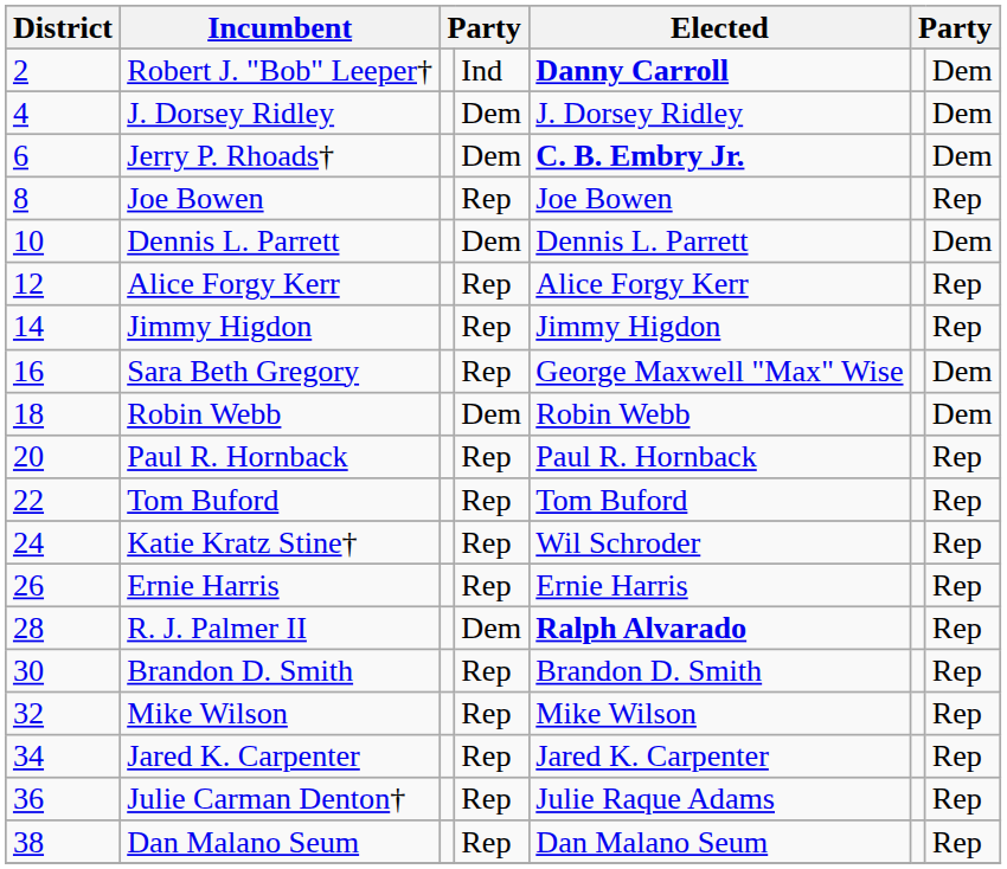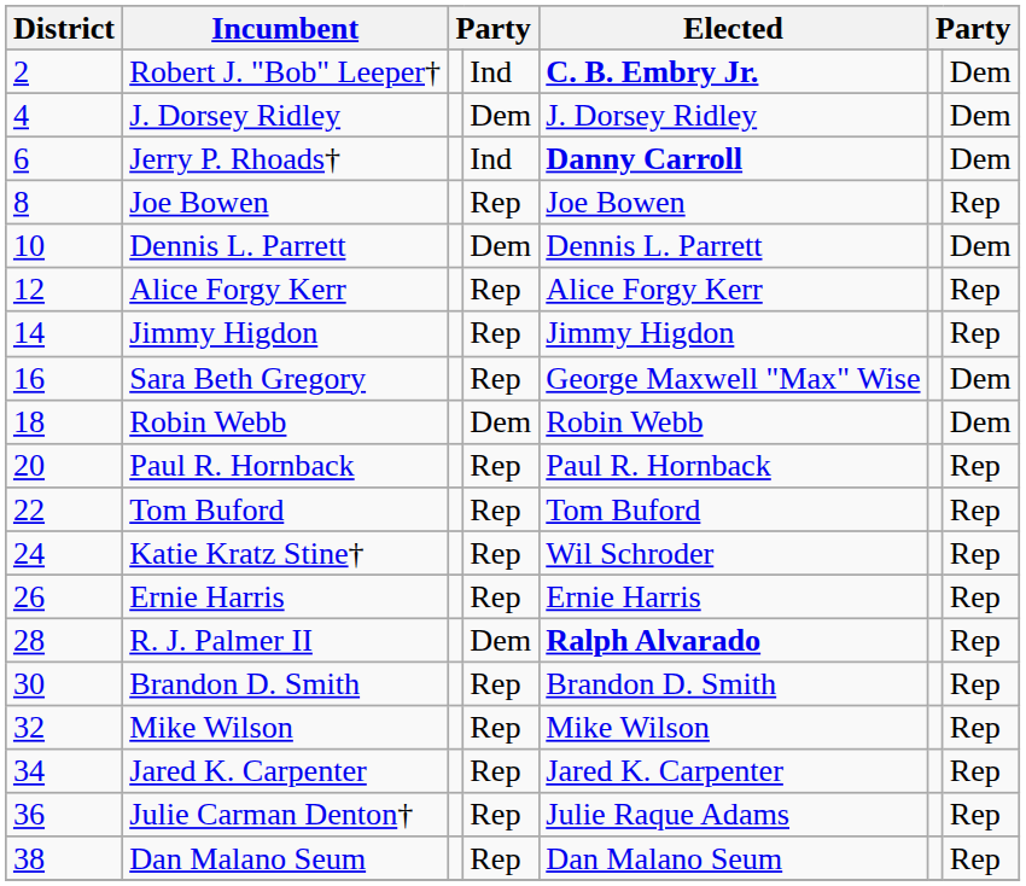 <table class="sortable wikitable" style="font-size:95%;line-height:14px;">
 <tr>
 <th class="unsortable">District</th>
 <th class="unsortable"><a href='#'>Incumbent</a></th>
 <th colspan="2">Party</th>
 <th class="unsortable">Elected</th>
 <th colspan="2">Party</th>
 </tr>
 <tr>
 <td><a href='#'>2</a></td>
 <td><a href='#'>Robert J. "Bob" Leeper</a>†</td>
 <td style="background:"></td>
 <td>Ind</td>
-<td><strong><a href='#'>Danny Carroll</a></strong></td>
+<td><strong><a href='#'>C. B. Embry Jr.</a></strong></td>
 <td style="background:"></td>
 <td>Dem</td>
 </tr>
 <tr>
 <td><a href='#'>4</a></td>
 <td><a href='#'>J. Dorsey Ridley</a></td>
 <td style="background:"></td>
 <td>Dem</td>
 <td><a href='#'>J. Dorsey Ridley</a></td>
 <td style="background:"></td>
 <td>Dem</td>
 </tr>
 <tr>
 <td><a href='#'>6</a></td>
 <td><a href='#'>Jerry P. Rhoads</a>†</td>
 <td style="background:"></td>
-<td>Dem</td>
-<td><strong><a href='#'>C. B. Embry Jr.</a></strong></td>
+<td>Ind</td>
+<td><strong><a href='#'>Danny Carroll</a></strong></td>
 <td style="background:"></td>
 <td>Dem</td>
 </tr>
 <tr>
 <td><a href='#'>8</a></td>
 <td><a href='#'>Joe Bowen</a></td>
 <td style="background:"></td>
 <td>Rep</td>
 <td><a href='#'>Joe Bowen</a></td>
 <td style="background:"></td>
 <td>Rep</td>
 </tr>
 <tr>
 <td><a href='#'>10</a></td>
 <td><a href='#'>Dennis L. Parrett</a></td>
 <td style="background:"></td>
 <td>Dem</td>
 <td><a href='#'>Dennis L. Parrett</a></td>
 <td style="background:"></td>
 <td>Dem</td>
 </tr>
 <tr>
 <td><a href='#'>12</a></td>
 <td><a href='#'>Alice Forgy Kerr</a></td>
 <td style="background:"></td>
 <td>Rep</td>
 <td><a href='#'>Alice Forgy Kerr</a></td>
 <td style="background:"></td>
 <td>Rep</td>
 </tr>
 <tr>
 <td><a href='#'>14</a></td>
 <td><a href='#'>Jimmy Higdon</a></td>
 <td style="background:"></td>
 <td>Rep</td>
 <td><a href='#'>Jimmy Higdon</a></td>
 <td style="background:"></td>
 <td>Rep</td>
 </tr>
 <tr>
 <td><a href='#'>16</a></td>
 <td><a href='#'>Sara Beth Gregory</a></td>
 <td style="background:"></td>
 <td>Rep</td>
 <td><a href='#'>George Maxwell "Max" Wise</a></td>
 <td style="background:"></td>
 <td>Dem</td>
 </tr>
 <tr>
 <td><a href='#'>18</a></td>
 <td><a href='#'>Robin Webb</a></td>
 <td style="background:"></td>
 <td>Dem</td>
 <td><a href='#'>Robin Webb</a></td>
 <td style="background:"></td>
 <td>Dem</td>
 </tr>
 <tr>
 <td><a href='#'>20</a></td>
 <td><a href='#'>Paul R. Hornback</a></td>
 <td style="background:"></td>
 <td>Rep</td>
 <td><a href='#'>Paul R. Hornback</a></td>
 <td style="background:"></td>
 <td>Rep</td>
 </tr>
 <tr>
 <td><a href='#'>22</a></td>
 <td><a href='#'>Tom Buford</a></td>
 <td style="background:"></td>
 <td>Rep</td>
 <td><a href='#'>Tom Buford</a></td>
 <td style="background:"></td>
 <td>Rep</td>
 </tr>
 <tr>
 <td><a href='#'>24</a></td>
 <td><a href='#'>Katie Kratz Stine</a>†</td>
 <td style="background:"></td>
 <td>Rep</td>
 <td><a href='#'>Wil Schroder</a></td>
 <td style="background:"></td>
 <td>Rep</td>
 </tr>
 <tr>
 <td><a href='#'>26</a></td>
 <td><a href='#'>Ernie Harris</a></td>
 <td style="background:"></td>
 <td>Rep</td>
 <td><a href='#'>Ernie Harris</a></td>
 <td style="background:"></td>
 <td>Rep</td>
 </tr>
 <tr>
 <td><a href='#'>28</a></td>
 <td><a href='#'>R. J. Palmer II</a></td>
 <td style="background:"></td>
 <td>Dem</td>
 <td><strong><a href='#'>Ralph Alvarado</a></strong></td>
 <td style="background:"></td>
 <td>Rep</td>
 </tr>
 <tr>
 <td><a href='#'>30</a></td>
 <td><a href='#'>Brandon D. Smith</a></td>
 <td style="background:"></td>
 <td>Rep</td>
 <td><a href='#'>Brandon D. Smith</a></td>
 <td style="background:"></td>
 <td>Rep</td>
 </tr>
 <tr>
 <td><a href='#'>32</a></td>
 <td><a href='#'>Mike Wilson</a></td>
 <td style="background:"></td>
 <td>Rep</td>
 <td><a href='#'>Mike Wilson</a></td>
 <td style="background:"></td>
 <td>Rep</td>
 </tr>
 <tr>
 <td><a href='#'>34</a></td>
 <td><a href='#'>Jared K. Carpenter</a></td>
 <td style="background:"></td>
 <td>Rep</td>
 <td><a href='#'>Jared K. Carpenter</a></td>
 <td style="background:"></td>
 <td>Rep</td>
 </tr>
 <tr>
 <td><a href='#'>36</a></td>
 <td><a href='#'>Julie Carman Denton</a>†</td>
 <td style="background:"></td>
 <td>Rep</td>
 <td><a href='#'>Julie Raque Adams</a></td>
 <td style="background:"></td>
 <td>Rep</td>
 </tr>
 <tr>
 <td><a href='#'>38</a></td>
 <td><a href='#'>Dan Malano Seum</a></td>
 <td style="background:"></td>
 <td>Rep</td>
 <td><a href='#'>Dan Malano Seum</a></td>
 <td style="background:"></td>
 <td>Rep</td>
 </tr>
 <tr>
 </tr>
 </table>
